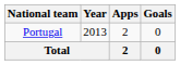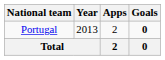 <table class="wikitable" style="text-align:center">
 <tr>
 <th>National team</th>
 <th>Year</th>
 <th>Apps</th>
 <th>Goals</th>
 </tr>
 <tr>
 <td><a href='#'>Portugal</a></td>
 <td>2013</td>
 <td>2</td>
-<td>0</td>
+<td><strong>0</strong></td>
 </tr>
 <tr>
 <th colspan="2">Total</th>
 <th>2</th>
 <th>0</th>
 </tr>
 </table>
